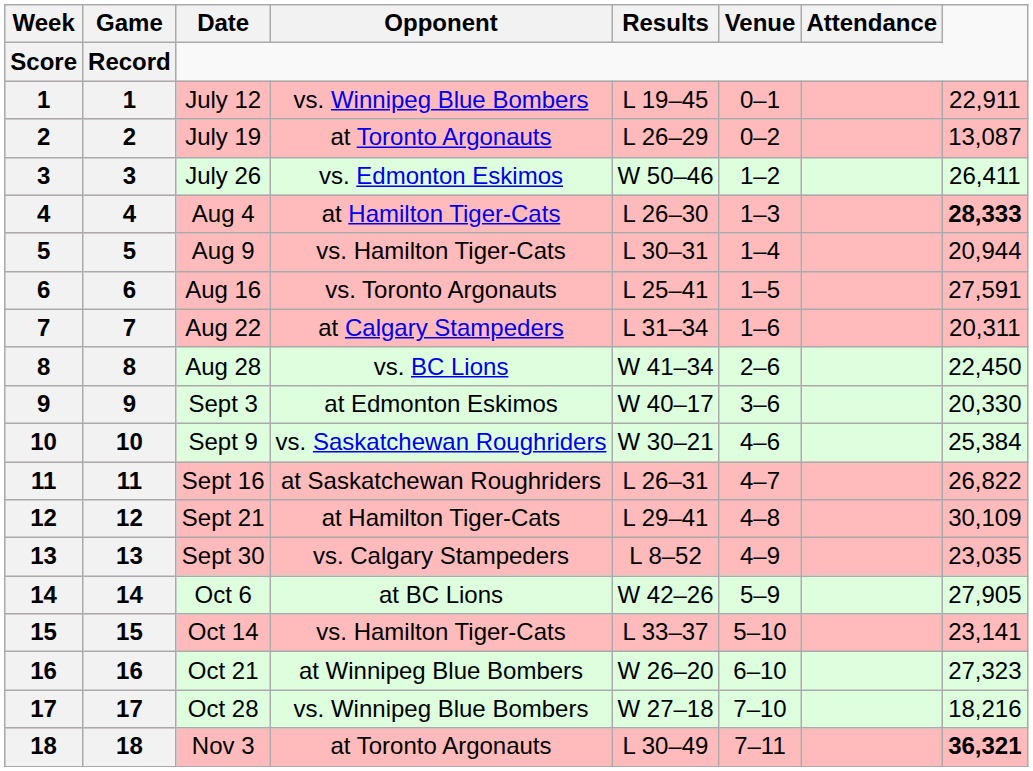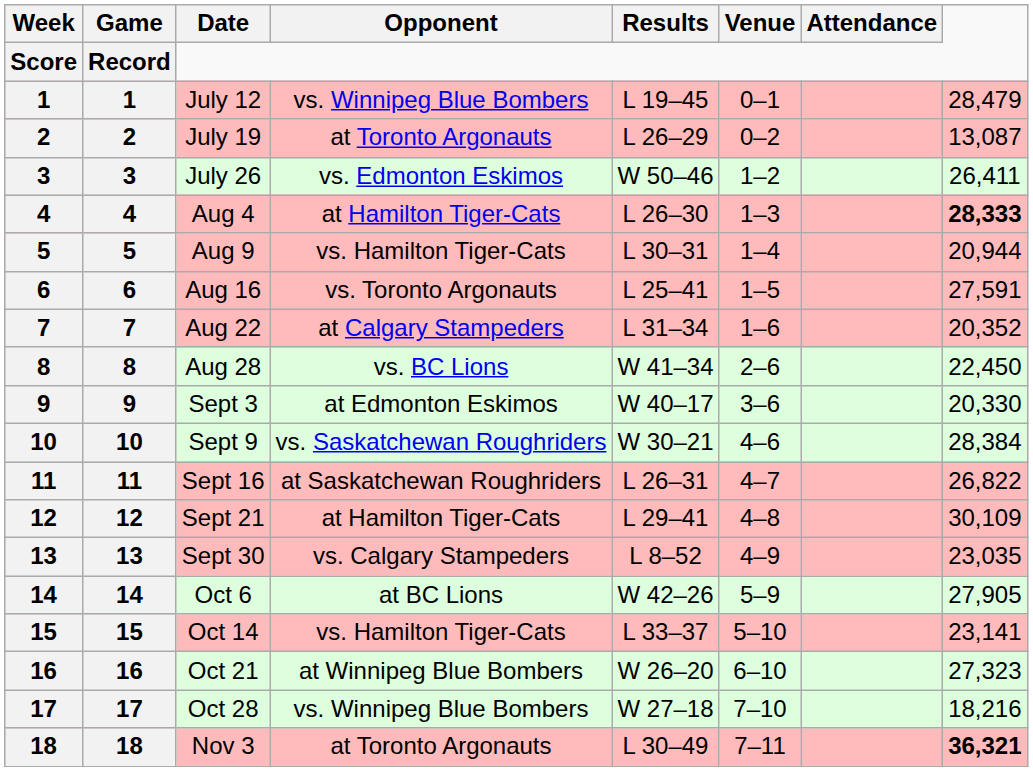 <table class="wikitable" style="text-align:center">
 <tr>
 <th>Week</th>
 <th>Game</th>
 <th>Date</th>
 <th>Opponent</th>
 <th>Results</th>
 <th>Venue</th>
 <th>Attendance</th>
 </tr>
 <tr>
 <th>Score</th>
 <th>Record</th>
 </tr>
 <tr style="background:#ffbbbb">
 <th>1</th>
 <th>1</th>
 <td>July 12</td>
 <td>vs. <a href='#'>Winnipeg Blue Bombers</a></td>
 <td>L 19–45</td>
 <td>0–1</td>
 <td></td>
-<td>22,911</td>
+<td>28,479</td>
 </tr>
 <tr style="background:#ffbbbb">
 <th>2</th>
 <th>2</th>
 <td>July 19</td>
 <td>at <a href='#'>Toronto Argonauts</a></td>
 <td>L 26–29</td>
 <td>0–2</td>
 <td></td>
 <td>13,087</td>
 </tr>
 <tr style="background:#ddffdd">
 <th>3</th>
 <th>3</th>
 <td>July 26</td>
 <td>vs. <a href='#'>Edmonton Eskimos</a></td>
 <td>W 50–46</td>
 <td>1–2</td>
 <td></td>
 <td>26,411</td>
 </tr>
 <tr style="background:#ffbbbb">
 <th>4</th>
 <th>4</th>
 <td>Aug 4</td>
 <td>at <a href='#'>Hamilton Tiger-Cats</a></td>
 <td>L 26–30</td>
 <td>1–3</td>
 <td></td>
 <td><strong>28,333</strong></td>
 </tr>
 <tr style="background:#ffbbbb">
 <th>5</th>
 <th>5</th>
 <td>Aug 9</td>
 <td>vs. Hamilton Tiger-Cats</td>
 <td>L 30–31</td>
 <td>1–4</td>
 <td></td>
 <td>20,944</td>
 </tr>
 <tr style="background:#ffbbbb">
 <th>6</th>
 <th>6</th>
 <td>Aug 16</td>
 <td>vs. Toronto Argonauts</td>
 <td>L 25–41</td>
 <td>1–5</td>
 <td></td>
 <td>27,591</td>
 </tr>
 <tr style="background:#ffbbbb">
 <th>7</th>
 <th>7</th>
 <td>Aug 22</td>
 <td>at <a href='#'>Calgary Stampeders</a></td>
 <td>L 31–34</td>
 <td>1–6</td>
 <td></td>
-<td>20,311</td>
+<td>20,352</td>
 </tr>
 <tr style="background:#ddffdd">
 <th>8</th>
 <th>8</th>
 <td>Aug 28</td>
 <td>vs. <a href='#'>BC Lions</a></td>
 <td>W 41–34</td>
 <td>2–6</td>
 <td></td>
 <td>22,450</td>
 </tr>
 <tr style="background:#ddffdd">
 <th>9</th>
 <th>9</th>
 <td>Sept 3</td>
 <td>at Edmonton Eskimos</td>
 <td>W 40–17</td>
 <td>3–6</td>
 <td></td>
 <td>20,330</td>
 </tr>
 <tr style="background:#ddffdd">
 <th>10</th>
 <th>10</th>
 <td>Sept 9</td>
 <td>vs. <a href='#'>Saskatchewan Roughriders</a></td>
 <td>W 30–21</td>
 <td>4–6</td>
 <td></td>
-<td>25,384</td>
+<td>28,384</td>
 </tr>
 <tr style="background:#ffbbbb">
 <th>11</th>
 <th>11</th>
 <td>Sept 16</td>
 <td>at Saskatchewan Roughriders</td>
 <td>L 26–31 </td>
 <td>4–7</td>
 <td></td>
 <td>26,822</td>
 </tr>
 <tr style="background:#ffbbbb">
 <th>12</th>
 <th>12</th>
 <td>Sept 21</td>
 <td>at Hamilton Tiger-Cats</td>
 <td>L 29–41</td>
 <td>4–8</td>
 <td></td>
 <td>30,109</td>
 </tr>
 <tr style="background:#ffbbbb">
 <th>13</th>
 <th>13</th>
 <td>Sept 30</td>
 <td>vs. Calgary Stampeders</td>
 <td>L 8–52</td>
 <td>4–9</td>
 <td></td>
 <td>23,035</td>
 </tr>
 <tr style="background:#ddffdd">
 <th>14</th>
 <th>14</th>
 <td>Oct 6</td>
 <td>at BC Lions</td>
 <td>W 42–26</td>
 <td>5–9</td>
 <td></td>
 <td>27,905</td>
 </tr>
 <tr style="background:#ffbbbb">
 <th>15</th>
 <th>15</th>
 <td>Oct 14</td>
 <td>vs. Hamilton Tiger-Cats</td>
 <td>L 33–37</td>
 <td>5–10</td>
 <td></td>
 <td>23,141</td>
 </tr>
 <tr style="background:#ddffdd">
 <th>16</th>
 <th>16</th>
 <td>Oct 21</td>
 <td>at Winnipeg Blue Bombers</td>
 <td>W 26–20</td>
 <td>6–10</td>
 <td></td>
 <td>27,323</td>
 </tr>
 <tr style="background:#ddffdd">
 <th>17</th>
 <th>17</th>
 <td>Oct 28</td>
 <td>vs. Winnipeg Blue Bombers</td>
 <td>W 27–18</td>
 <td>7–10</td>
 <td></td>
 <td>18,216</td>
 </tr>
 <tr style="background:#ffbbbb">
 <th>18</th>
 <th>18</th>
 <td>Nov 3</td>
 <td>at Toronto Argonauts</td>
 <td>L 30–49</td>
 <td>7–11</td>
 <td></td>
 <td><strong>36,321</strong></td>
 </tr>
 </table>
